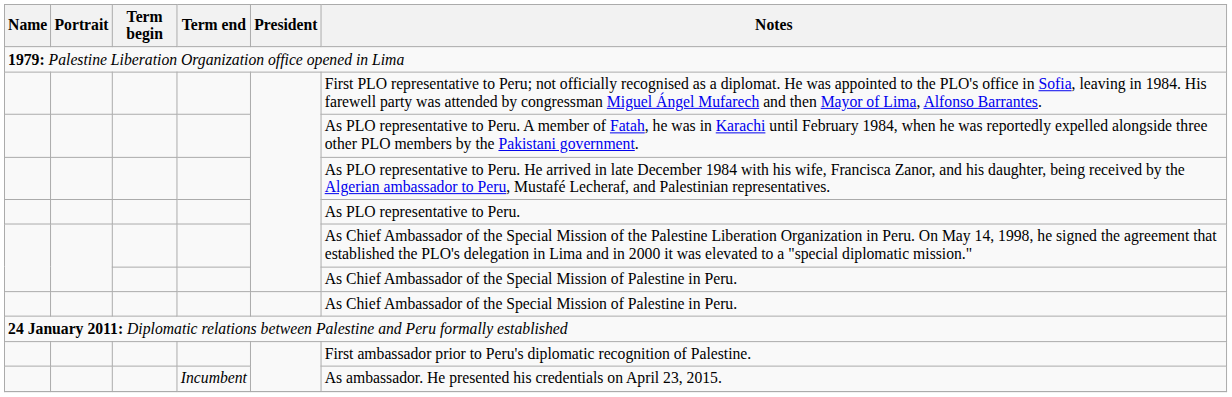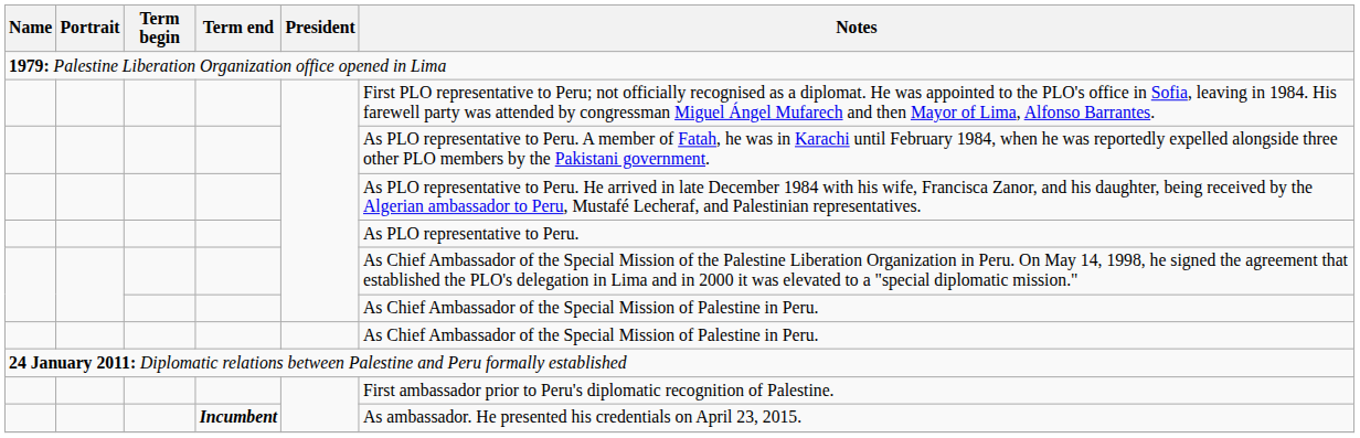 <table class="wikitable sortable"  text-align:center;">
 <tr>
 <th>Name</th>
 <th class="unsortable">Portrait</th>
 <th>Term begin</th>
 <th>Term end</th>
 <th>President</th>
 <th class="unsortable">Notes</th>
 </tr>
 <tr>
 <td colspan=6><div><strong>1979:</strong> <em>Palestine Liberation Organization office opened in Lima</em></div></td>
 </tr>
 <tr>
 <td></td>
 <td></td>
 <td></td>
 <td></td>
 <td rowspan="6"></td>
 <td>First PLO representative to Peru; not officially recognised as a diplomat. He was appointed to the PLO's office in <a href='#'>Sofia</a>, leaving in 1984. His farewell party was attended by congressman <a href='#'>Miguel Ángel Mufarech</a> and then <a href='#'>Mayor of Lima</a>, <a href='#'>Alfonso Barrantes</a>.</td>
 </tr>
 <tr>
 <td></td>
 <td></td>
 <td></td>
 <td></td>
 <td>As PLO representative to Peru. A member of <a href='#'>Fatah</a>, he was in <a href='#'>Karachi</a> until February 1984, when he was reportedly expelled alongside three other PLO members by the <a href='#'>Pakistani government</a>.</td>
 </tr>
 <tr>
 <td></td>
 <td></td>
 <td></td>
 <td> </td>
 <td>As PLO representative to Peru. He arrived in late December 1984 with his wife, Francisca Zanor, and his daughter, being received by the <a href='#'>Algerian ambassador to Peru</a>, Mustafé Lecheraf, and Palestinian representatives.</td>
 </tr>
 <tr>
 <td></td>
 <td></td>
 <td></td>
 <td></td>
 <td>As PLO representative to Peru.</td>
 </tr>
 <tr>
 <td rowspan="2"></td>
 <td rowspan="2"></td>
 <td></td>
 <td></td>
 <td>As Chief Ambassador of the Special Mission of the Palestine Liberation Organization in Peru. On May 14, 1998, he signed the agreement that established the PLO's delegation in Lima and in 2000 it was elevated to a "special diplomatic mission."</td>
 </tr>
 <tr>
 <td></td>
 <td></td>
 <td>As Chief Ambassador of the Special Mission of Palestine in Peru.</td>
 </tr>
 <tr>
 <td></td>
 <td></td>
 <td></td>
 <td></td>
 <td></td>
 <td>As Chief Ambassador of the Special Mission of Palestine in Peru.</td>
 </tr>
 <tr>
 <td colspan=6><div><strong>24 January 2011:</strong> <em>Diplomatic relations between Palestine and Peru formally established</em></div></td>
 </tr>
 <tr>
 <td></td>
 <td></td>
 <td></td>
 <td></td>
 <td rowspan="2"></td>
 <td>First ambassador prior to Peru's diplomatic recognition of Palestine.</td>
 </tr>
 <tr>
 <td></td>
 <td></td>
 <td></td>
-<td><em>Incumbent</em></td>
+<td><strong><em>Incumbent</em></strong></td>
 <td>As ambassador. He presented his credentials on April 23, 2015.</td>
 </tr>
 <tr>
 </tr>
 </table>
